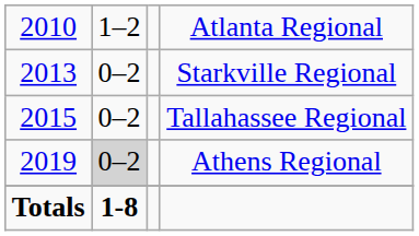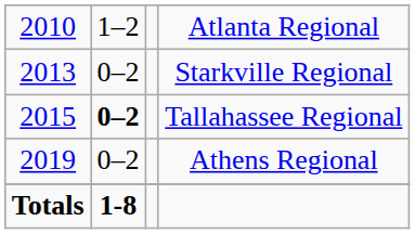 <table class="wikitable">
 <tr align="center">
 <td><a href='#'>2010</a></td>
 <td>1–2</td>
 <td></td>
 <td><a href='#'>Atlanta Regional</a></td>
 </tr>
 <tr style="text-align:center;">
 <td><a href='#'>2013</a></td>
 <td>0–2</td>
 <td></td>
 <td><a href='#'>Starkville Regional</a></td>
 </tr>
 <tr style="text-align:center;">
 <td><a href='#'>2015</a></td>
-<td>0–2</td>
+<td><strong>0–2</strong></td>
 <td></td>
 <td><a href='#'>Tallahassee Regional</a></td>
 </tr>
 <tr style="text-align:center;">
 <td><a href='#'>2019</a></td>
-<td style="background: lightgrey;">0–2</td>
+<td>0–2</td>
 <td></td>
 <td><a href='#'>Athens Regional</a></td>
 </tr>
 <tr style="text-align:center;">
 </tr>
 <tr align="center">
 <td><strong>Totals</strong></td>
 <td><strong>1-8</strong></td>
 <td><strong></strong></td>
 <td></td>
 </tr>
 </table>
